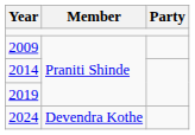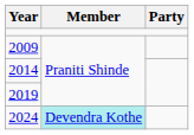 <table class="wikitable">
 <tr>
 <th>Year</th>
 <th>Member</th>
 <th colspan="2">Party</th>
 </tr>
 <tr>
 <td colspan=4></td>
 </tr>
 <tr>
 <td><a href='#'>2009</a></td>
 <td Rowspan=3><a href='#'>Praniti Shinde</a></td>
 <td></td>
 </tr>
 <tr>
 <td><a href='#'>2014</a></td>
 </tr>
 <tr>
 <td><a href='#'>2019</a></td>
 </tr>
 <tr>
 <td><a href='#'>2024</a></td>
-<td><a href='#'>Devendra Kothe</a></td>
+<td style="background: paleturquoise;"><a href='#'>Devendra Kothe</a></td>
 <td></td>
 </tr>
 </table>
